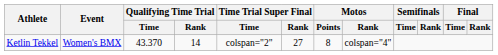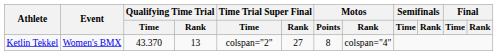 <table class="wikitable" style="font-size:90%">
 <tr>
 <th rowspan=2>Athlete</th>
 <th rowspan=2>Event</th>
 <th colspan=2>Qualifying Time Trial</th>
 <th colspan=2>Time Trial Super Final</th>
 <th colspan=2>Motos</th>
 <th colspan=2>Semifinals</th>
 <th colspan=2>Final</th>
 </tr>
 <tr style="font-size:95%">
 <th>Time</th>
 <th>Rank</th>
 <th>Time</th>
 <th>Rank</th>
 <th>Points</th>
 <th>Rank</th>
 <th>Time</th>
 <th>Rank</th>
 <th>Time</th>
 <th>Rank</th>
 </tr>
 <tr align=center>
 <td align=left><a href='#'>Ketlin Tekkel</a></td>
 <td align=left><a href='#'>Women's BMX</a></td>
 <td>43.370</td>
-<td>14</td>
+<td>13</td>
 <td>colspan="2" </td>
 <td>27</td>
 <td>8</td>
 <td>colspan="4" </td>
 </tr>
 </table>
